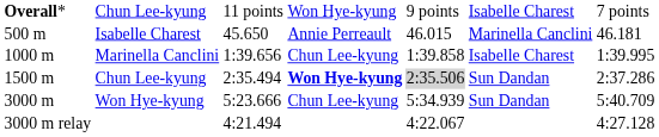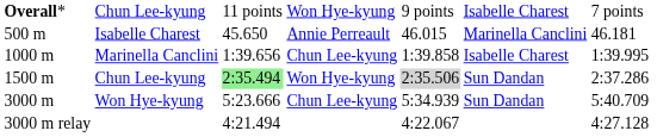 <table>
 <tr>
 <td><strong>Overall</strong>*</td>
 <td><a href='#'>Chun Lee-kyung</a> <br> </td>
 <td>11 points</td>
 <td><a href='#'>Won Hye-kyung</a> <br> </td>
 <td>9 points</td>
 <td><a href='#'>Isabelle Charest</a> <br> </td>
 <td>7 points</td>
 </tr>
 <tr>
 <td>500 m</td>
 <td><a href='#'>Isabelle Charest</a> <br> </td>
 <td>45.650</td>
 <td><a href='#'>Annie Perreault</a> <br> </td>
 <td>46.015</td>
 <td><a href='#'>Marinella Canclini</a> <br> </td>
 <td>46.181</td>
 </tr>
 <tr>
 <td>1000 m</td>
 <td><a href='#'>Marinella Canclini</a> <br> </td>
 <td>1:39.656</td>
 <td><a href='#'>Chun Lee-kyung</a> <br> </td>
 <td>1:39.858</td>
 <td><a href='#'>Isabelle Charest</a> <br> </td>
 <td>1:39.995</td>
 </tr>
 <tr>
 <td>1500 m</td>
 <td><a href='#'>Chun Lee-kyung</a> <br> </td>
-<td>2:35.494</td>
-<td><strong><a href='#'>Won Hye-kyung</a> <br> </strong></td>
+<td style="background: lightgreen;">2:35.494</td>
+<td><a href='#'>Won Hye-kyung</a> <br> </td>
 <td style="background: lightgrey;">2:35.506</td>
 <td><a href='#'>Sun Dandan</a> <br> </td>
 <td>2:37.286</td>
 </tr>
 <tr>
 <td>3000 m</td>
 <td><a href='#'>Won Hye-kyung</a> <br> </td>
 <td>5:23.666</td>
 <td><a href='#'>Chun Lee-kyung</a> <br> </td>
 <td>5:34.939</td>
 <td><a href='#'>Sun Dandan</a> <br> </td>
 <td>5:40.709</td>
 </tr>
 <tr>
 <td>3000 m relay</td>
 <td></td>
 <td>4:21.494</td>
 <td></td>
 <td>4:22.067</td>
 <td></td>
 <td>4:27.128</td>
 </tr>
 </table>
